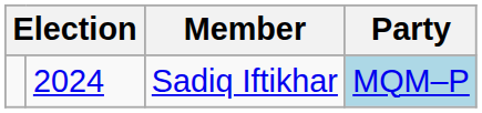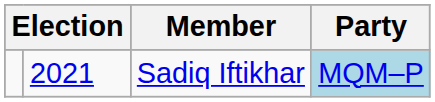 <table class="wikitable">
 <tr>
 <th colspan="2">Election</th>
 <th>Member</th>
 <th>Party</th>
 </tr>
 <tr>
 <td style="background-color: "></td>
-<td><a href='#'>2024</a></td>
+<td><a href='#'>2021</a></td>
 <td><a href='#'>Sadiq Iftikhar</a></td>
 <td style="background: lightblue;"><a href='#'>MQM–P</a></td>
 </tr>
 </table>
